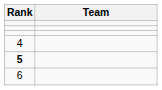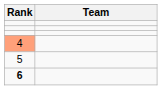 <table class=wikitable style="text-align:center;">
 <tr>
 <th width=40>Rank</th>
 <th width=180>Team</th>
 </tr>
 <tr>
 <td></td>
 <td align=left></td>
 </tr>
 <tr>
 <td></td>
 <td align=left></td>
 </tr>
 <tr>
 <td></td>
 <td align=left></td>
 </tr>
 <tr>
-<td>4</td>
+<td style="background: lightsalmon;">4</td>
 <td align=left></td>
 </tr>
 <tr>
-<td><strong>5</strong></td>
+<td>5</td>
 <td align=left></td>
 </tr>
 <tr>
-<td>6</td>
+<td><strong>6</strong></td>
 <td align=left></td>
 </tr>
 </table>
